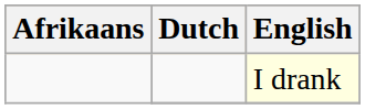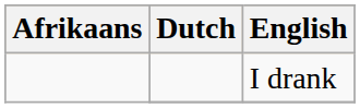 <table class="wikitable">
 <tr style="background:#ffdead;">
 <th>Afrikaans</th>
 <th>Dutch</th>
 <th>English</th>
 </tr>
 <tr>
 <td rowspan="2"></td>
 <td></td>
-<td style="background: lightyellow;">I drank</td>
+<td>I drank</td>
 </tr>
 <tr>
 </tr>
 </table>
